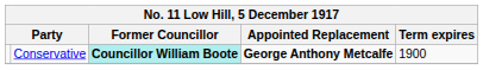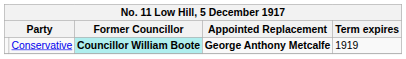 <table class="wikitable">
 <tr>
 <th colspan="5"><strong>No. 11 Low Hill, 5 December 1917</strong></th>
 </tr>
 <tr>
 <th colspan="2">Party</th>
 <th>Former Councillor</th>
 <th>Appointed Replacement</th>
 <th>Term expires</th>
 </tr>
 <tr>
 <td style="background-color:"></td>
 <td><a href='#'>Conservative</a></td>
 <td style="background: paleturquoise;"><strong>Councillor William Boote</strong></td>
 <td><strong>George Anthony Metcalfe</strong></td>
-<td>1900</td>
+<td>1919</td>
 </tr>
 <tr>
 </tr>
 </table>
